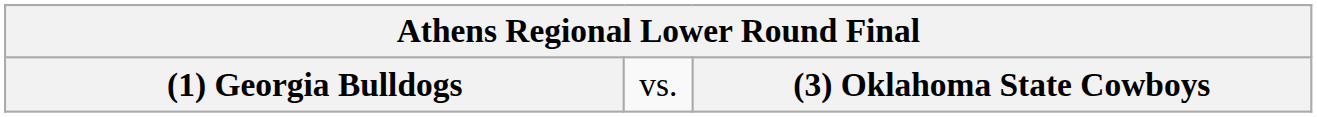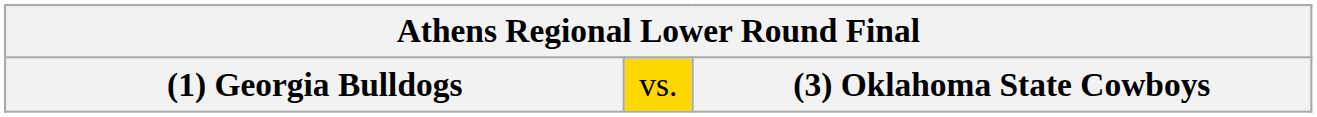 <table class="wikitable">
 <tr>
 <th style="width: 604px;" colspan=3>Athens Regional Lower Round Final</th>
 </tr>
 <tr>
 <th style="width: 289px; ">(1) Georgia Bulldogs</th>
-<td style="width: 25px; text-align:center">vs.</td>
+<td style="background: gold; width: 25px; text-align:center">vs.</td>
 <th style="width: 289px; ">(3) Oklahoma State Cowboys</th>
 </tr>
 </table>
